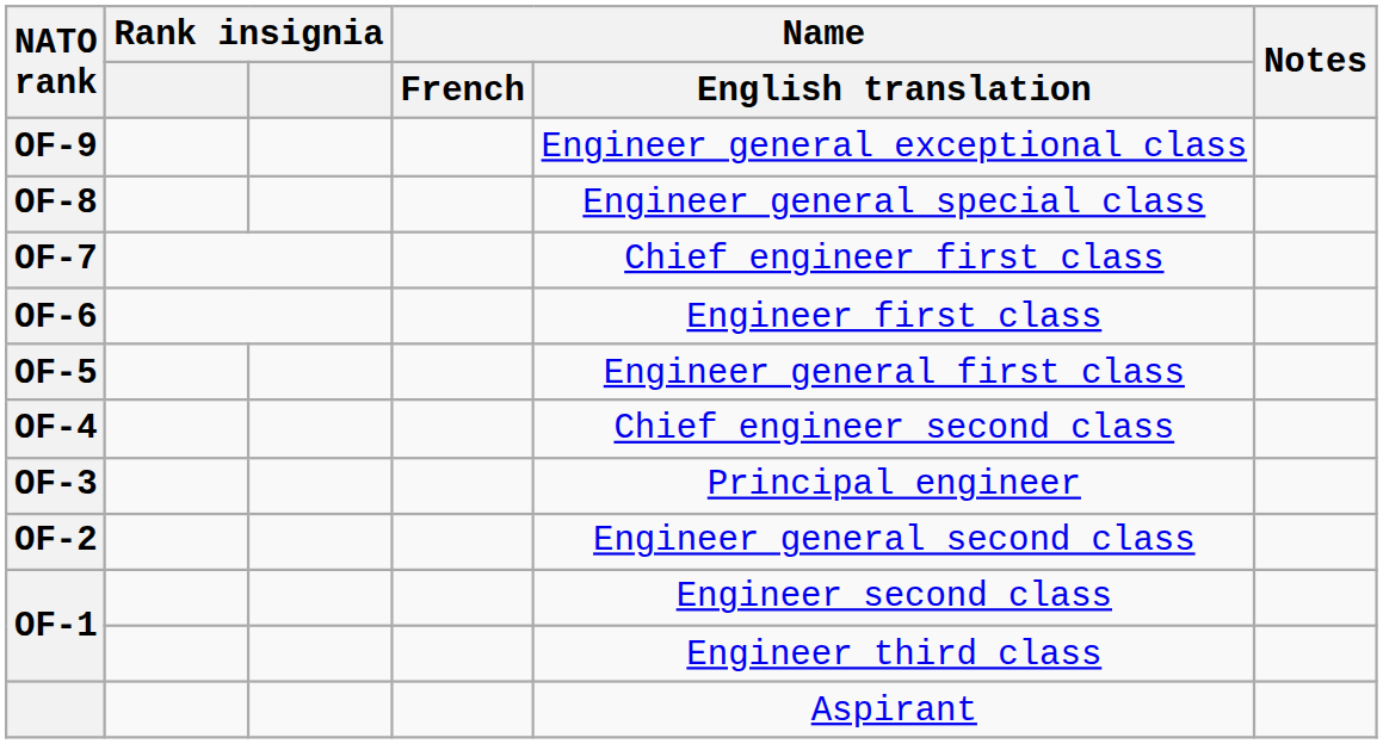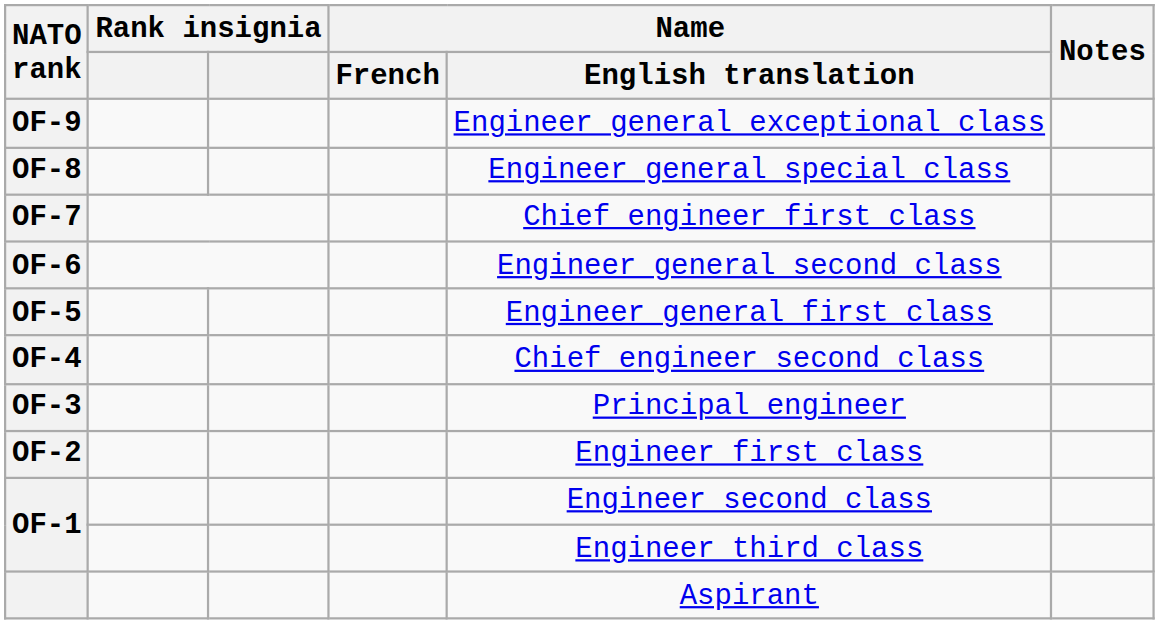 <table class="wikitable plainrowheaders" style="text-align:center;" border="1">
 <tr>
 <th rowspan=2>NATO<br>rank</th>
 <th colspan=2>Rank insignia</th>
 <th colspan=2>Name</th>
 <th rowspan=2>Notes</th>
 </tr>
 <tr>
 <th></th>
 <th></th>
 <th>French</th>
 <th>English translation</th>
 </tr>
 <tr>
 <th>OF-9</th>
 <td></td>
 <td></td>
 <td></td>
 <td><a href='#'>Engineer general exceptional class</a></td>
 <td></td>
 </tr>
 <tr>
 <th>OF-8</th>
 <td></td>
 <td></td>
 <td></td>
 <td><a href='#'>Engineer general special class</a></td>
 <td></td>
 </tr>
 <tr>
 <th>OF-7</th>
 <td colspan=2></td>
 <td></td>
 <td><a href='#'>Chief engineer first class</a></td>
 <td></td>
 </tr>
 <tr>
 <th>OF-6</th>
 <td colspan=2></td>
 <td></td>
-<td><a href='#'>Engineer first class</a></td>
+<td><a href='#'>Engineer general second class</a></td>
 <td></td>
 </tr>
 <tr>
 <th>OF-5</th>
 <td></td>
 <td></td>
 <td></td>
 <td><a href='#'>Engineer general first class</a></td>
 <td></td>
 </tr>
 <tr>
 <th>OF-4</th>
 <td></td>
 <td></td>
 <td></td>
 <td><a href='#'>Chief engineer second class</a></td>
 <td></td>
 </tr>
 <tr>
 <th>OF-3</th>
 <td></td>
 <td></td>
 <td></td>
 <td><a href='#'>Principal engineer</a></td>
 <td></td>
 </tr>
 <tr>
 <th>OF-2</th>
 <td></td>
 <td></td>
 <td></td>
-<td><a href='#'>Engineer general second class</a></td>
+<td><a href='#'>Engineer first class</a></td>
 <td></td>
 </tr>
 <tr>
 <th rowspan=2>OF-1</th>
 <td></td>
 <td></td>
 <td></td>
 <td><a href='#'>Engineer second class</a></td>
 <td></td>
 </tr>
 <tr>
 <td></td>
 <td></td>
 <td></td>
 <td><a href='#'>Engineer third class</a></td>
 <td></td>
 </tr>
 <tr>
 <th></th>
 <td></td>
 <td></td>
 <td></td>
 <td><a href='#'>Aspirant</a></td>
 <td></td>
 </tr>
 </table>
